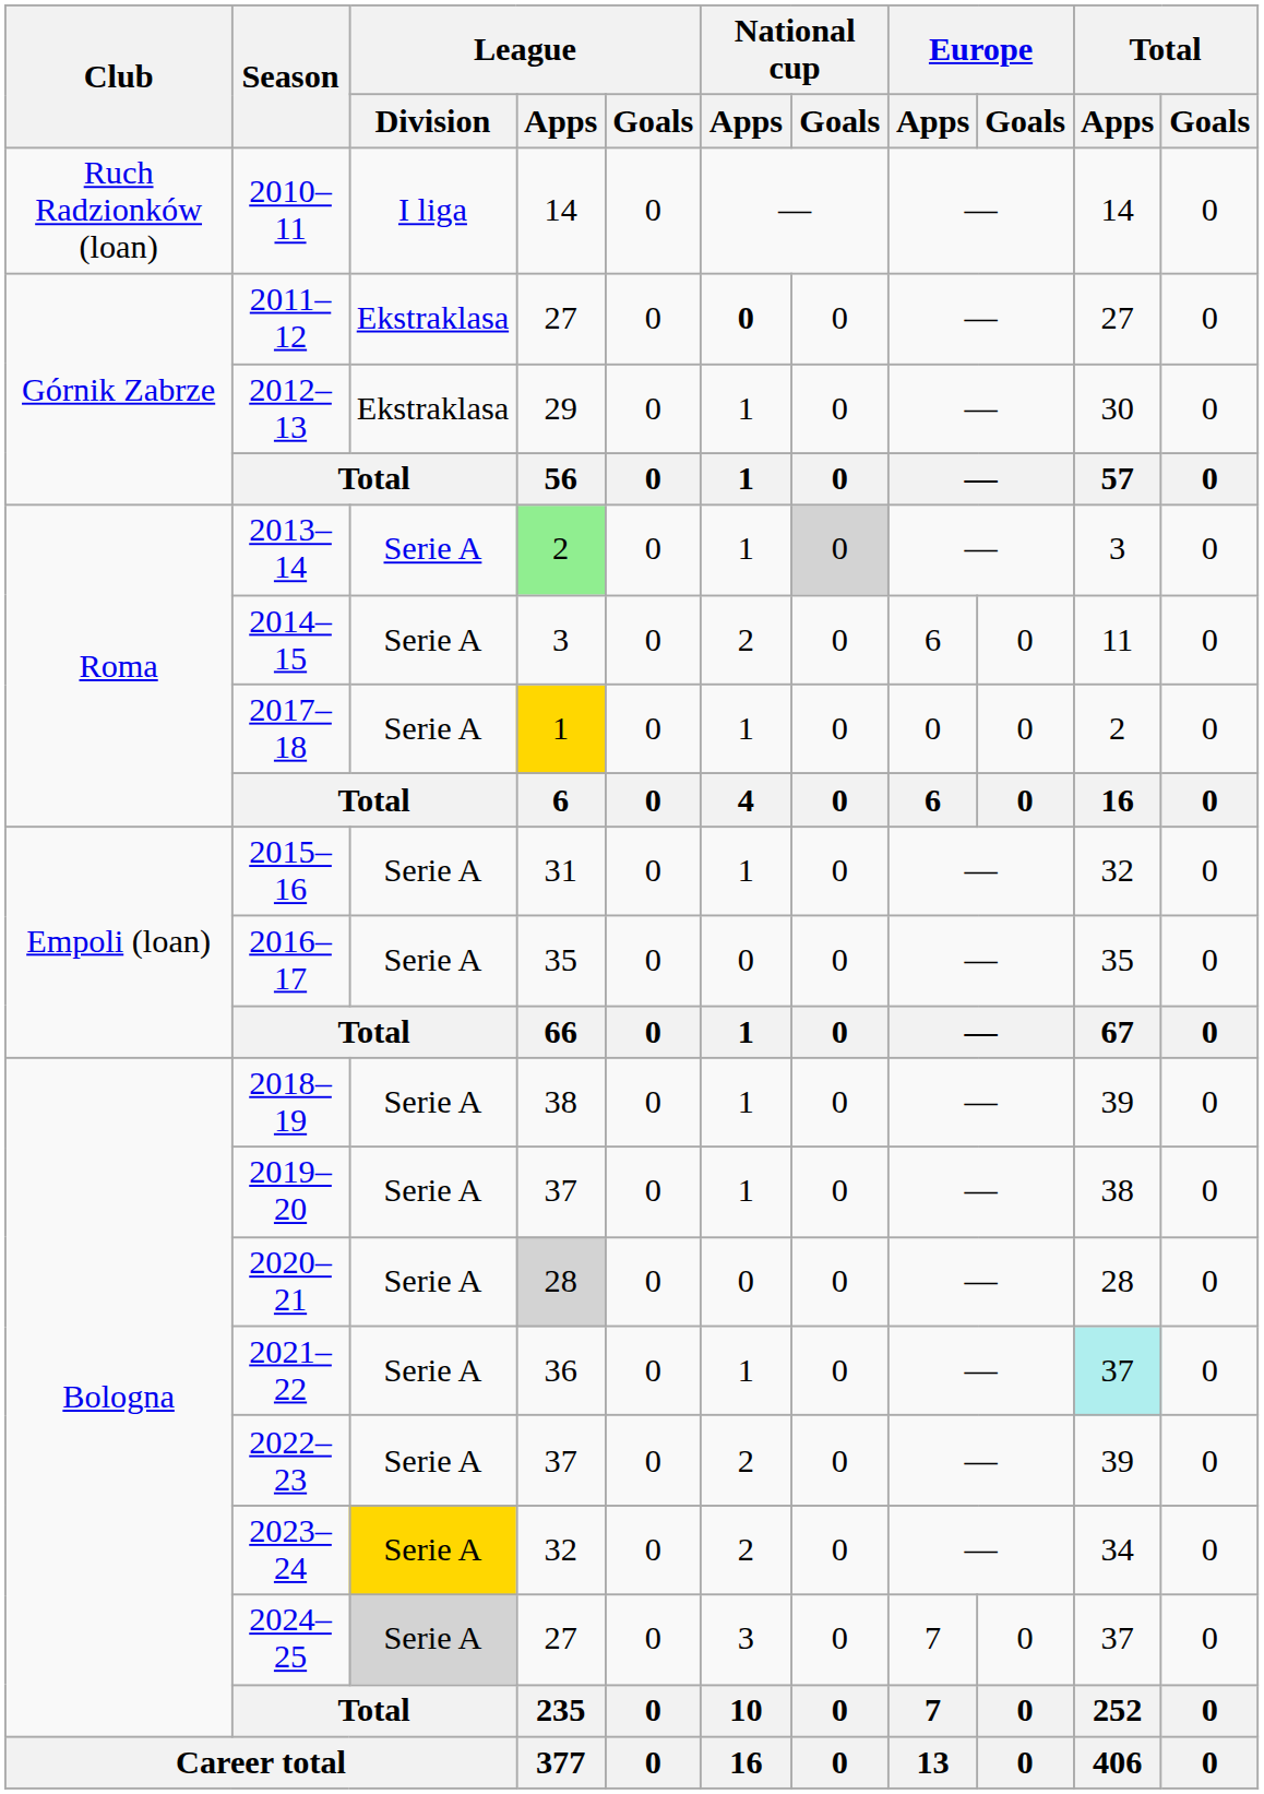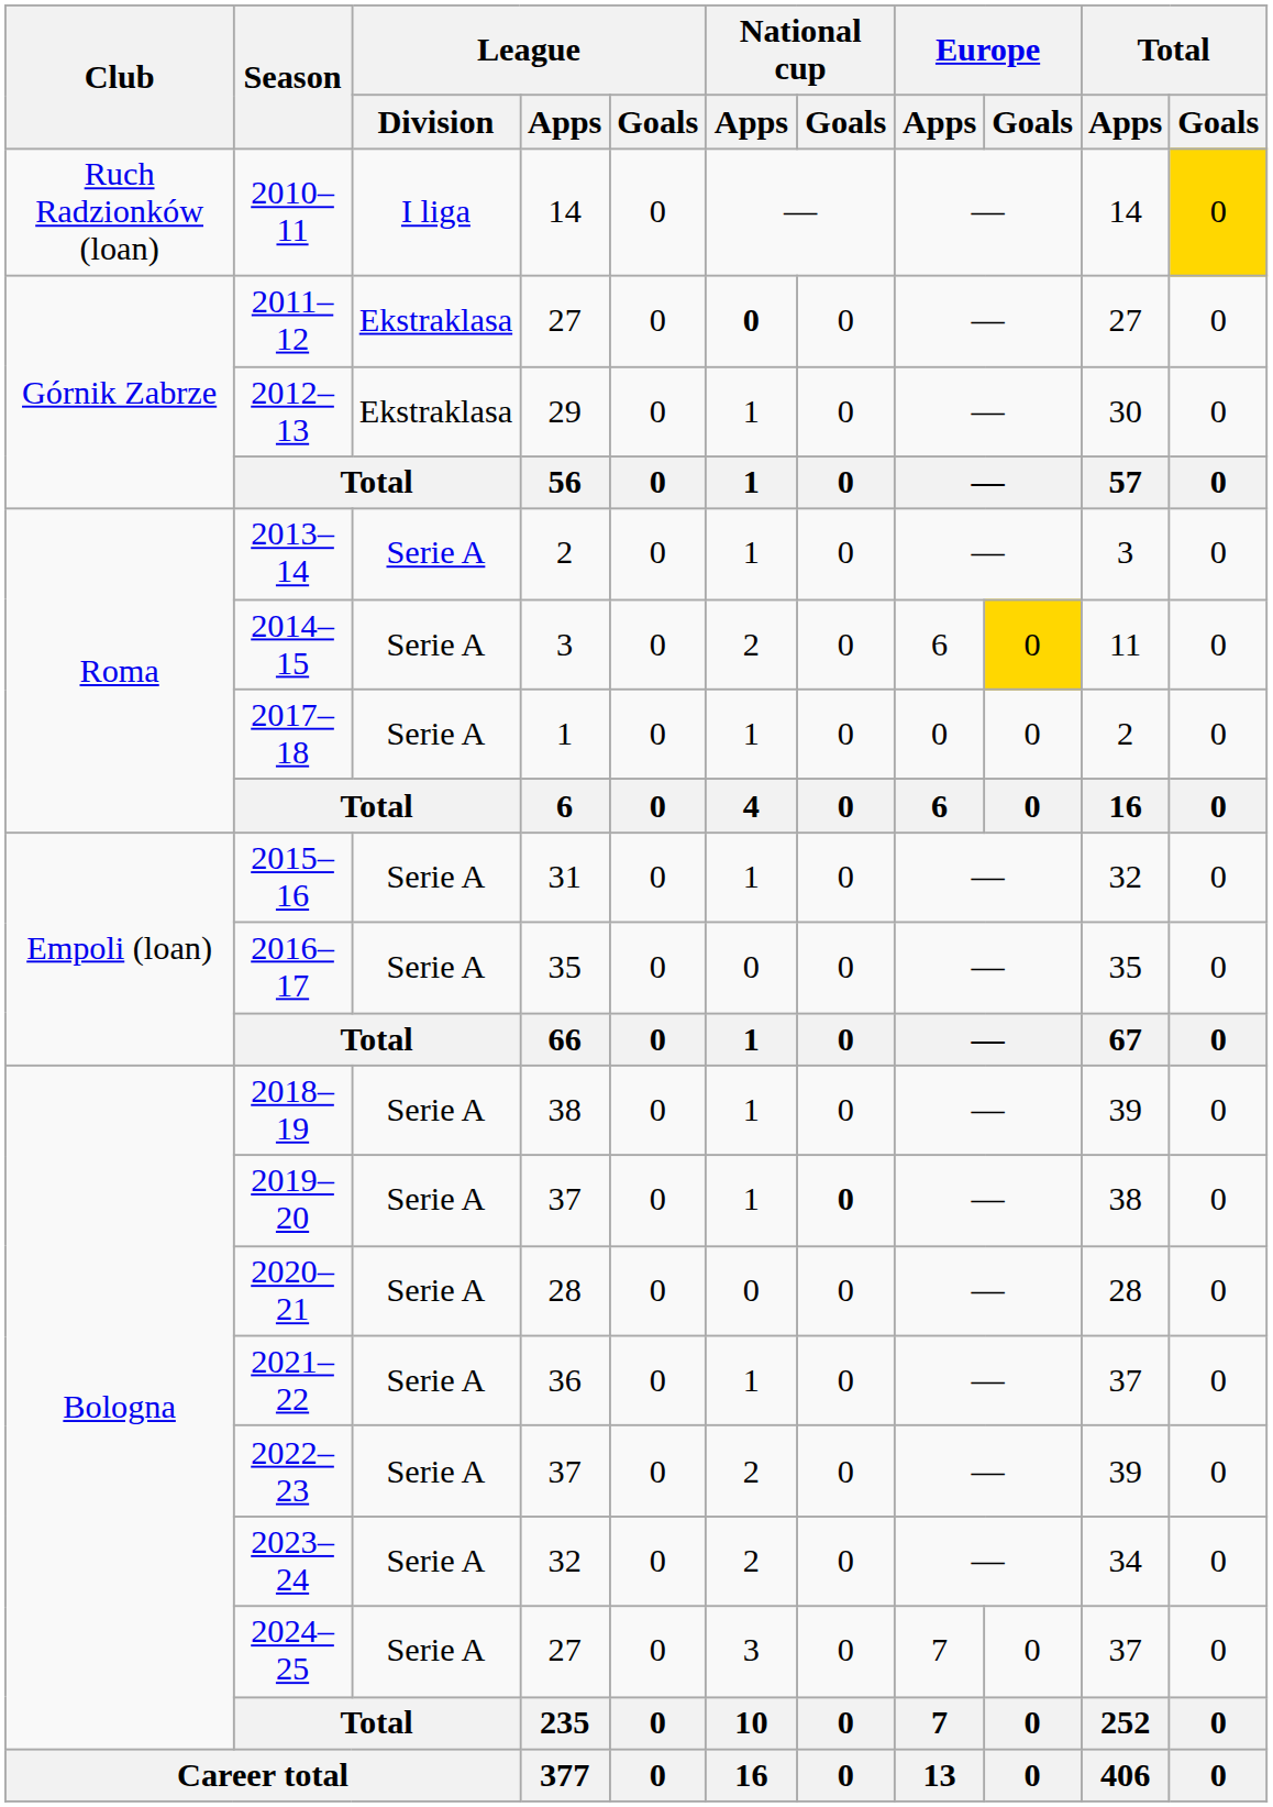 <table class="wikitable" style="text-align: center">
 <tr>
 <th rowspan="2">Club</th>
 <th rowspan="2">Season</th>
 <th colspan="3">League</th>
 <th colspan="2">National cup</th>
 <th colspan="2"><a href='#'>Europe</a></th>
 <th colspan="2">Total</th>
 </tr>
 <tr>
 <th>Division</th>
 <th>Apps</th>
 <th>Goals</th>
 <th>Apps</th>
 <th>Goals</th>
 <th>Apps</th>
 <th>Goals</th>
 <th>Apps</th>
 <th>Goals</th>
 </tr>
 <tr>
 <td><a href='#'>Ruch Radzionków</a> (loan)</td>
 <td><a href='#'>2010–11</a></td>
 <td><a href='#'>I liga</a></td>
 <td>14</td>
 <td>0</td>
 <td colspan="2">—</td>
 <td colspan="2">—</td>
 <td>14</td>
-<td>0</td>
+<td style="background: gold;">0</td>
 </tr>
 <tr>
 <td rowspan="3"><a href='#'>Górnik Zabrze</a></td>
 <td><a href='#'>2011–12</a></td>
 <td><a href='#'>Ekstraklasa</a></td>
 <td>27</td>
 <td>0</td>
 <td><strong>0</strong></td>
 <td>0</td>
 <td colspan="2">—</td>
 <td>27</td>
 <td>0</td>
 </tr>
 <tr>
 <td><a href='#'>2012–13</a></td>
 <td>Ekstraklasa</td>
 <td>29</td>
 <td>0</td>
 <td>1</td>
 <td>0</td>
 <td colspan="2">—</td>
 <td>30</td>
 <td>0</td>
 </tr>
 <tr>
 <th colspan="2">Total</th>
 <th>56</th>
 <th>0</th>
 <th>1</th>
 <th>0</th>
 <th colspan="2">—</th>
 <th>57</th>
 <th>0</th>
 </tr>
 <tr>
 <td rowspan="4"><a href='#'>Roma</a></td>
 <td><a href='#'>2013–14</a></td>
 <td><a href='#'>Serie A</a></td>
-<td style="background: lightgreen;">2</td>
+<td>2</td>
 <td>0</td>
 <td>1</td>
-<td style="background: lightgrey;">0</td>
+<td>0</td>
 <td colspan="2">—</td>
 <td>3</td>
 <td>0</td>
 </tr>
 <tr>
 <td><a href='#'>2014–15</a></td>
 <td>Serie A</td>
 <td>3</td>
 <td>0</td>
 <td>2</td>
 <td>0</td>
 <td>6</td>
-<td>0</td>
+<td style="background: gold;">0</td>
 <td>11</td>
 <td>0</td>
 </tr>
 <tr>
 <td><a href='#'>2017–18</a></td>
 <td>Serie A</td>
-<td style="background: gold;">1</td>
+<td>1</td>
 <td>0</td>
 <td>1</td>
 <td>0</td>
 <td>0</td>
 <td>0</td>
 <td>2</td>
 <td>0</td>
 </tr>
 <tr>
 <th colspan="2">Total</th>
 <th>6</th>
 <th>0</th>
 <th>4</th>
 <th>0</th>
 <th>6</th>
 <th>0</th>
 <th>16</th>
 <th>0</th>
 </tr>
 <tr>
 <td rowspan="3"><a href='#'>Empoli</a> (loan)</td>
 <td><a href='#'>2015–16</a></td>
 <td>Serie A</td>
 <td>31</td>
 <td>0</td>
 <td>1</td>
 <td>0</td>
 <td colspan="2">—</td>
 <td>32</td>
 <td>0</td>
 </tr>
 <tr>
 <td><a href='#'>2016–17</a></td>
 <td>Serie A</td>
 <td>35</td>
 <td>0</td>
 <td>0</td>
 <td>0</td>
 <td colspan="2">—</td>
 <td>35</td>
 <td>0</td>
 </tr>
 <tr>
 <th colspan="2">Total</th>
 <th>66</th>
 <th>0</th>
 <th>1</th>
 <th>0</th>
 <th colspan="2">—</th>
 <th>67</th>
 <th>0</th>
 </tr>
 <tr>
 <td rowspan="8"><a href='#'>Bologna</a></td>
 <td><a href='#'>2018–19</a></td>
 <td>Serie A</td>
 <td>38</td>
 <td>0</td>
 <td>1</td>
 <td>0</td>
 <td colspan="2">—</td>
 <td>39</td>
 <td>0</td>
 </tr>
 <tr>
 <td><a href='#'>2019–20</a></td>
 <td>Serie A</td>
 <td>37</td>
 <td>0</td>
 <td>1</td>
-<td>0</td>
+<td><strong>0</strong></td>
 <td colspan="2">—</td>
 <td>38</td>
 <td>0</td>
 </tr>
 <tr>
 <td><a href='#'>2020–21</a></td>
 <td>Serie A</td>
-<td style="background: lightgrey;">28</td>
+<td>28</td>
 <td>0</td>
 <td>0</td>
 <td>0</td>
 <td colspan="2">—</td>
 <td>28</td>
 <td>0</td>
 </tr>
 <tr>
 <td><a href='#'>2021–22</a></td>
 <td>Serie A</td>
 <td>36</td>
 <td>0</td>
 <td>1</td>
 <td>0</td>
 <td colspan="2">—</td>
-<td style="background: paleturquoise;">37</td>
+<td>37</td>
 <td>0</td>
 </tr>
 <tr>
 <td><a href='#'>2022–23</a></td>
 <td>Serie A</td>
 <td>37</td>
 <td>0</td>
 <td>2</td>
 <td>0</td>
 <td colspan="2">—</td>
 <td>39</td>
 <td>0</td>
 </tr>
 <tr>
 <td><a href='#'>2023–24</a></td>
-<td style="background: gold;">Serie A</td>
+<td>Serie A</td>
 <td>32</td>
 <td>0</td>
 <td>2</td>
 <td>0</td>
 <td colspan="2">—</td>
 <td>34</td>
 <td>0</td>
 </tr>
 <tr>
 <td><a href='#'>2024–25</a></td>
-<td style="background: lightgrey;">Serie A</td>
+<td>Serie A</td>
 <td>27</td>
 <td>0</td>
 <td>3</td>
 <td>0</td>
 <td>7</td>
 <td>0</td>
 <td>37</td>
 <td>0</td>
 </tr>
 <tr>
 <th colspan="2">Total</th>
 <th>235</th>
 <th>0</th>
 <th>10</th>
 <th>0</th>
 <th>7</th>
 <th>0</th>
 <th>252</th>
 <th>0</th>
 </tr>
 <tr>
 <th colspan="3">Career total</th>
 <th>377</th>
 <th>0</th>
 <th>16</th>
 <th>0</th>
 <th>13</th>
 <th>0</th>
 <th>406</th>
 <th>0</th>
 </tr>
 </table>
